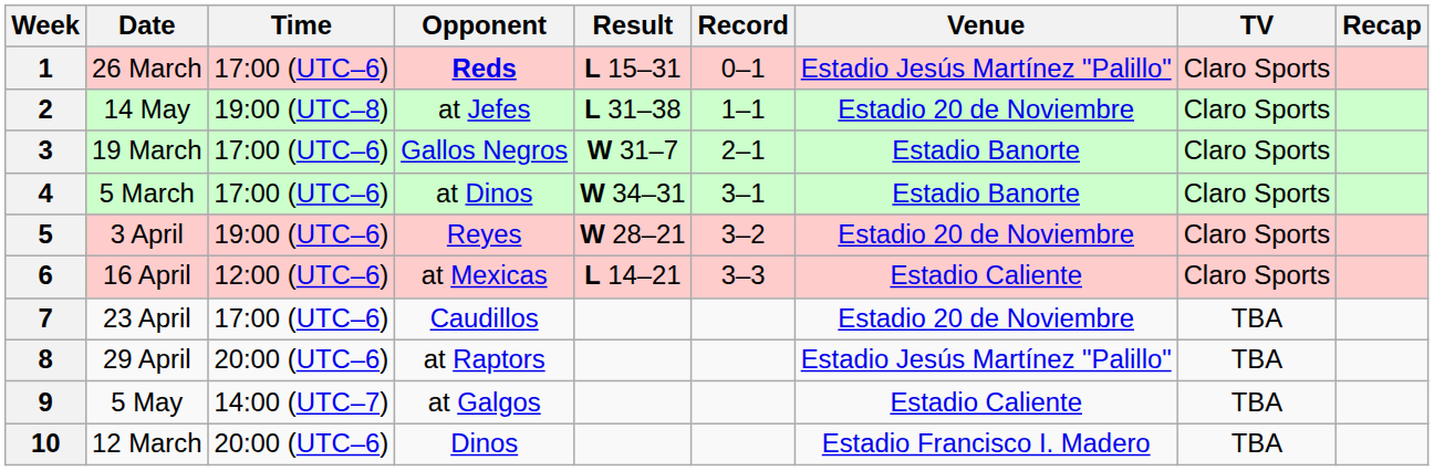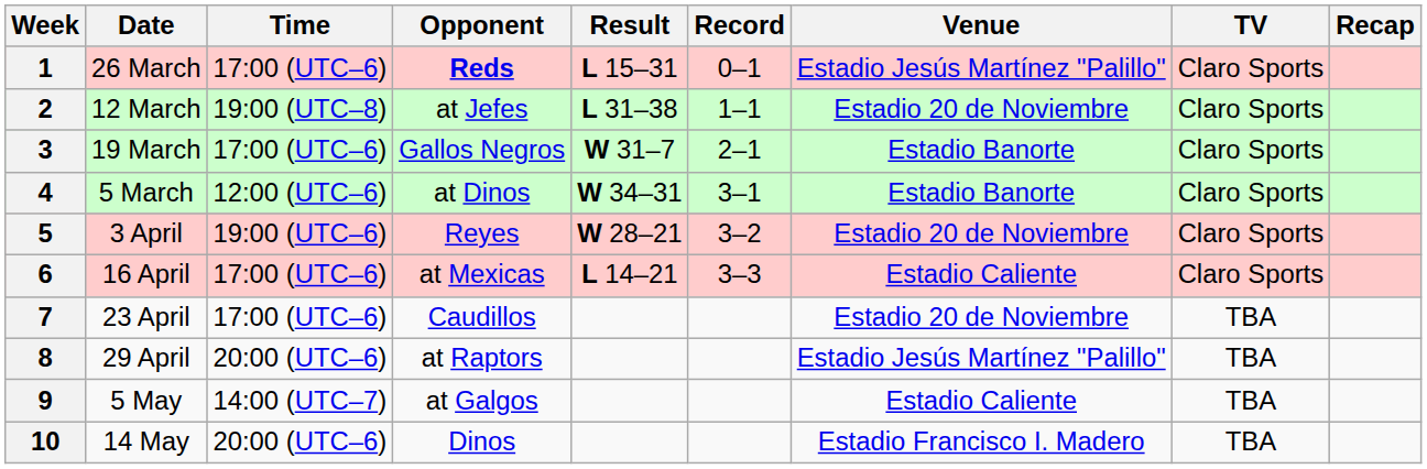 <table class="wikitable" style="text-align:center">
 <tr>
 <th>Week</th>
 <th>Date</th>
 <th>Time</th>
 <th>Opponent</th>
 <th>Result</th>
 <th>Record</th>
 <th>Venue</th>
 <th>TV</th>
 <th>Recap</th>
 </tr>
 <tr style="background:#fcc">
 <th>1</th>
 <td>26 March</td>
 <td>17:00 (<a href='#'>UTC–6</a>)</td>
 <td><strong><a href='#'>Reds</a></strong></td>
 <td><strong>L</strong> 15–31</td>
 <td>0–1</td>
 <td><a href='#'>Estadio Jesús Martínez "Palillo"</a></td>
 <td>Claro Sports</td>
 <td></td>
 </tr>
 <tr style="background:#cfc">
 <th>2</th>
-<td>14 May</td>
+<td>12 March</td>
 <td>19:00 (<a href='#'>UTC–8</a>)</td>
 <td>at <a href='#'>Jefes</a></td>
 <td><strong>L</strong> 31–38</td>
 <td>1–1</td>
 <td><a href='#'>Estadio 20 de Noviembre</a></td>
 <td>Claro Sports</td>
 <td></td>
 </tr>
 <tr style="background:#cfc">
 <th>3</th>
 <td>19 March</td>
 <td>17:00 (<a href='#'>UTC–6</a>)</td>
 <td><a href='#'>Gallos Negros</a></td>
 <td><strong>W</strong> 31–7</td>
 <td>2–1</td>
 <td><a href='#'>Estadio Banorte</a></td>
 <td>Claro Sports</td>
 <td></td>
 </tr>
 <tr style="background:#cfc">
 <th>4</th>
 <td>5 March</td>
-<td>17:00 (<a href='#'>UTC–6</a>)</td>
+<td>12:00 (<a href='#'>UTC–6</a>)</td>
 <td>at <a href='#'>Dinos</a></td>
 <td><strong>W</strong> 34–31</td>
 <td>3–1</td>
 <td><a href='#'>Estadio Banorte</a></td>
 <td>Claro Sports</td>
 <td></td>
 </tr>
 <tr style="background:#fcc">
 <th>5</th>
 <td>3 April</td>
 <td>19:00 (<a href='#'>UTC–6</a>)</td>
 <td><a href='#'>Reyes</a></td>
 <td><strong>W</strong> 28–21</td>
 <td>3–2</td>
 <td><a href='#'>Estadio 20 de Noviembre</a></td>
 <td>Claro Sports</td>
 <td></td>
 </tr>
 <tr style="background:#fcc">
 <th>6</th>
 <td>16 April</td>
-<td>12:00 (<a href='#'>UTC–6</a>)</td>
+<td>17:00 (<a href='#'>UTC–6</a>)</td>
 <td>at <a href='#'>Mexicas</a></td>
 <td><strong>L</strong> 14–21</td>
 <td>3–3</td>
 <td><a href='#'>Estadio Caliente</a></td>
 <td>Claro Sports</td>
 <td></td>
 </tr>
 <tr style="background:#">
 <th>7</th>
 <td>23 April</td>
 <td>17:00 (<a href='#'>UTC–6</a>)</td>
 <td><a href='#'>Caudillos</a></td>
 <td></td>
 <td></td>
 <td><a href='#'>Estadio 20 de Noviembre</a></td>
 <td>TBA</td>
 <td></td>
 </tr>
 <tr style="background:#">
 <th>8</th>
 <td>29 April</td>
 <td>20:00 (<a href='#'>UTC–6</a>)</td>
 <td>at <a href='#'>Raptors</a></td>
 <td></td>
 <td></td>
 <td><a href='#'>Estadio Jesús Martínez "Palillo"</a></td>
 <td>TBA</td>
 <td></td>
 </tr>
 <tr style="background:#">
 <th>9</th>
 <td>5 May</td>
 <td>14:00 (<a href='#'>UTC–7</a>)</td>
 <td>at <a href='#'>Galgos</a></td>
 <td></td>
 <td></td>
 <td><a href='#'>Estadio Caliente</a></td>
 <td>TBA</td>
 <td></td>
 </tr>
 <tr style="background:#">
 <th>10</th>
-<td>12 March</td>
+<td>14 May</td>
 <td>20:00 (<a href='#'>UTC–6</a>)</td>
 <td><a href='#'>Dinos</a></td>
 <td></td>
 <td></td>
 <td><a href='#'>Estadio Francisco I. Madero</a></td>
 <td>TBA</td>
 <td></td>
 </tr>
 </table>
